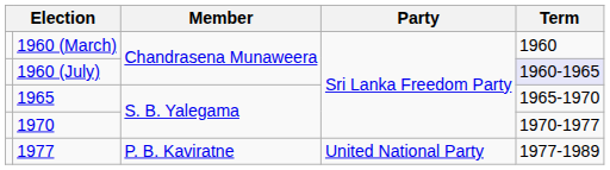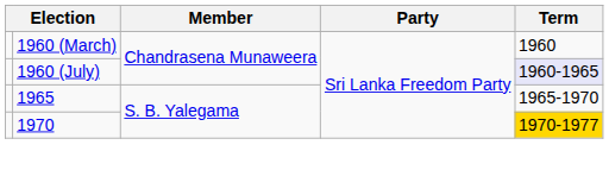 <table class="wikitable">
 <tr>
 <th colspan="2">Election</th>
 <th>Member</th>
 <th>Party</th>
 <th>Term</th>
 </tr>
 <tr>
 <td style="background-color: "></td>
 <td><a href='#'>1960 (March)</a></td>
 <td rowspan=2><a href='#'>Chandrasena Munaweera</a></td>
 <td rowspan=4><a href='#'>Sri Lanka Freedom Party</a></td>
 <td>1960</td>
 </tr>
 <tr>
 <td style="background-color: "></td>
 <td><a href='#'>1960 (July)</a></td>
 <td style="background: lavender;">1960-1965</td>
 </tr>
 <tr>
 <td style="background-color: "></td>
 <td><a href='#'>1965</a></td>
 <td rowspan=2><a href='#'>S. B. Yalegama</a></td>
 <td>1965-1970</td>
 </tr>
 <tr>
 <td style="background-color: "></td>
 <td><a href='#'>1970</a></td>
-<td>1970-1977</td>
-</tr>
-<tr>
-<td style="background-color: "></td>
-<td><a href='#'>1977</a></td>
-<td><a href='#'>P. B. Kaviratne</a></td>
-<td><a href='#'>United National Party</a></td>
-<td>1977-1989</td>
+<td style="background: gold;">1970-1977</td>
 </tr>
 </table>
